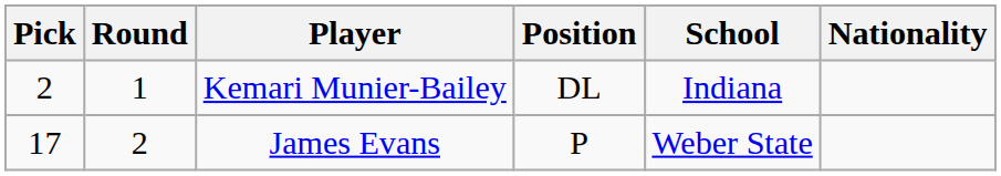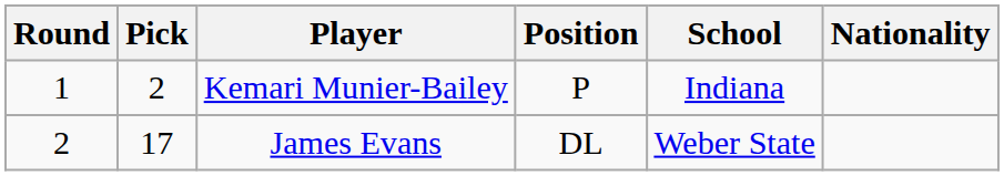 <table class="wikitable" style="font-size: 95%;">
 <tr>
+<th scope="col">Round</th>
 <th scope="col">Pick</th>
-<th scope="col">Round</th>
 <th scope="col">Player</th>
 <th scope="col">Position</th>
 <th scope="col">School</th>
 <th scope="col">Nationality</th>
 </tr>
 <tr align="center">
+<td align=center>1</td>
 <td>2</td>
-<td align=center>1</td>
 <td><a href='#'>Kemari Munier-Bailey</a></td>
-<td>DL</td>
+<td>P</td>
 <td><a href='#'>Indiana</a></td>
 <td></td>
 </tr>
 <tr align="center">
+<td align=center>2</td>
 <td>17</td>
-<td align=center>2</td>
 <td><a href='#'>James Evans</a></td>
-<td>P</td>
+<td>DL</td>
 <td><a href='#'>Weber State</a></td>
 <td></td>
 </tr>
 </table>
